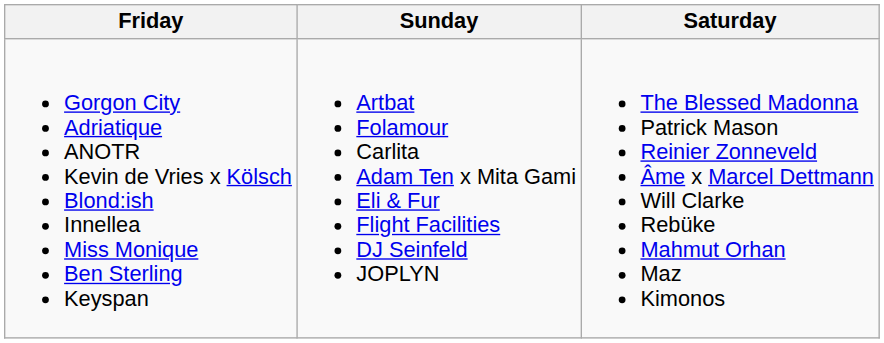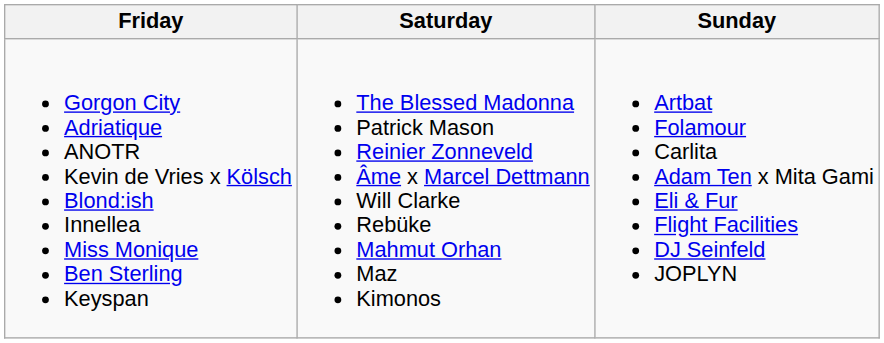 <table class="wikitable">
 <tr>
 <th>Friday</th>
+<th>Saturday</th>
 <th>Sunday</th>
-<th>Saturday</th>
 </tr>
 <tr valign="top">
 <td><br><ul><li><a href='#'>Gorgon City</a></li><li><a href='#'>Adriatique</a></li><li>ANOTR</li><li>Kevin de Vries x <a href='#'>Kölsch</a></li><li><a href='#'>Blond:ish</a></li><li>Innellea</li><li><a href='#'>Miss Monique</a></li><li><a href='#'>Ben Sterling</a></li><li>Keyspan</li></ul></td>
+<td><br><ul><li><a href='#'>The Blessed Madonna</a></li><li>Patrick Mason</li><li><a href='#'>Reinier Zonneveld</a></li><li><a href='#'>Âme</a> x <a href='#'>Marcel Dettmann</a></li><li>Will Clarke</li><li>Rebüke</li><li><a href='#'>Mahmut Orhan</a></li><li>Maz</li><li>Kimonos</li></ul></td>
 <td><br><ul><li><a href='#'>Artbat</a></li><li><a href='#'>Folamour</a></li><li>Carlita</li><li><a href='#'>Adam Ten</a> x Mita Gami</li><li><a href='#'>Eli & Fur</a></li><li><a href='#'>Flight Facilities</a></li><li><a href='#'>DJ Seinfeld</a></li><li>JOPLYN</li></ul></td>
-<td><br><ul><li><a href='#'>The Blessed Madonna</a></li><li>Patrick Mason</li><li><a href='#'>Reinier Zonneveld</a></li><li><a href='#'>Âme</a> x <a href='#'>Marcel Dettmann</a></li><li>Will Clarke</li><li>Rebüke</li><li><a href='#'>Mahmut Orhan</a></li><li>Maz</li><li>Kimonos</li></ul></td>
 </tr>
 </table>
